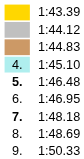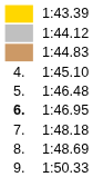 <table style="text-align:center">
 <tr>
 <td width=30 bgcolor=gold></td>
 <td align=left></td>
 <td width=60>1:43.39</td>
 </tr>
 <tr>
 <td bgcolor=silver></td>
 <td align=left></td>
 <td>1:44.12</td>
 </tr>
 <tr>
 <td bgcolor=cc9966></td>
 <td align=left></td>
 <td>1:44.83</td>
 </tr>
 <tr>
-<td style="background: paleturquoise;">4.</td>
+<td>4.</td>
 <td align=left></td>
 <td>1:45.10</td>
 </tr>
 <tr>
-<td><strong>5.</strong></td>
+<td>5.</td>
 <td align=left></td>
 <td>1:46.48</td>
 </tr>
 <tr>
-<td>6.</td>
+<td><strong>6.</strong></td>
 <td align=left></td>
 <td>1:46.95</td>
 </tr>
 <tr>
-<td><strong>7.</strong></td>
+<td>7.</td>
 <td align=left></td>
 <td>1:48.18</td>
 </tr>
 <tr>
 <td>8.</td>
 <td align=left></td>
 <td>1:48.69</td>
 </tr>
 <tr>
 <td>9.</td>
 <td align=left></td>
 <td>1:50.33</td>
 </tr>
 </table>
